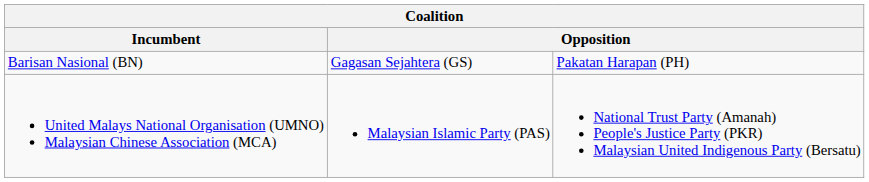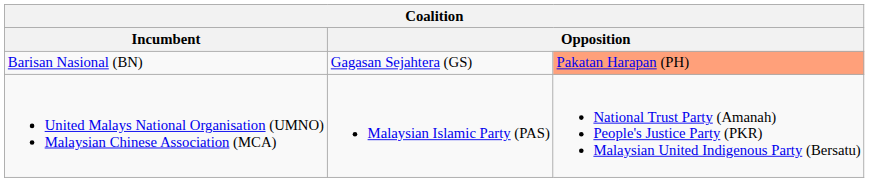 <table class="wikitable">
 <tr>
 <th colspan="3">Coalition</th>
 </tr>
 <tr>
 <th>Incumbent</th>
 <th colspan="2">Opposition</th>
 </tr>
 <tr>
 <td><a href='#'>Barisan Nasional</a> (BN)</td>
 <td><a href='#'>Gagasan Sejahtera</a> (GS)</td>
-<td> <a href='#'>Pakatan Harapan</a> (PH)</td>
+<td style="background: lightsalmon;"> <a href='#'>Pakatan Harapan</a> (PH)</td>
 </tr>
 <tr>
 <td><br><ul><li> <a href='#'>United Malays National Organisation</a> (UMNO)</li><li> <a href='#'>Malaysian Chinese Association</a> (MCA)</li></ul></td>
 <td><br><ul><li> <a href='#'>Malaysian Islamic Party</a> (PAS)</li></ul></td>
 <td><br><ul><li> <a href='#'>National Trust Party</a> (Amanah)</li><li> <a href='#'>People's Justice Party</a> (PKR)</li><li> <a href='#'>Malaysian United Indigenous Party</a> (Bersatu)</li></ul></td>
 </tr>
 </table>
